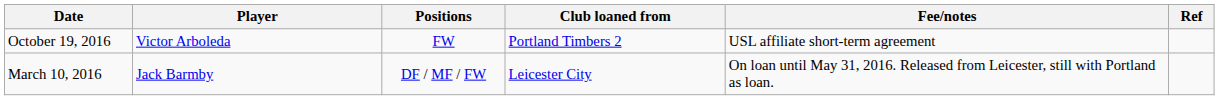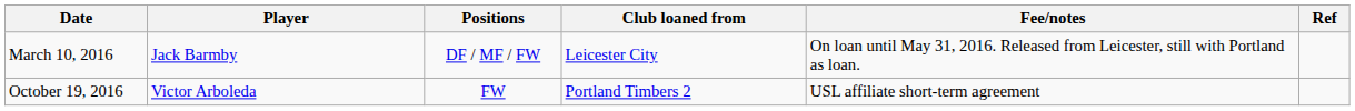 <table class="wikitable" style="text-align:left; font-size:95%;">
 <tr>
 <th style="width:125px;">Date</th>
 <th style="width:250px;">Player</th>
 <th style="width:120px;">Positions</th>
 <th style="width:220px;">Club loaned from</th>
 <th style="width:450px;">Fee/notes</th>
 <th style="width:40px;">Ref</th>
 </tr>
 <tr>
+<td>March 10, 2016</td>
+<td> <a href='#'>Jack Barmby</a></td>
+<td style="text-align:center;"><a href='#'>DF</a> / <a href='#'>MF</a> / <a href='#'>FW</a></td>
+<td> <a href='#'>Leicester City</a></td>
+<td>On loan until May 31, 2016.  Released from Leicester, still with Portland as loan.</td>
+<td></td>
+</tr>
+<tr>
 <td>October 19, 2016</td>
 <td> <a href='#'>Victor Arboleda</a></td>
 <td style="text-align:center;"><a href='#'>FW</a></td>
 <td> <a href='#'>Portland Timbers 2</a></td>
 <td>USL affiliate short-term agreement</td>
 <td></td>
 </tr>
-<tr>
-<td>March 10, 2016</td>
-<td> <a href='#'>Jack Barmby</a></td>
-<td style="text-align:center;"><a href='#'>DF</a> / <a href='#'>MF</a> / <a href='#'>FW</a></td>
-<td> <a href='#'>Leicester City</a></td>
-<td>On loan until May 31, 2016.  Released from Leicester, still with Portland as loan.</td>
-<td></td>
-</tr>
 </table>
